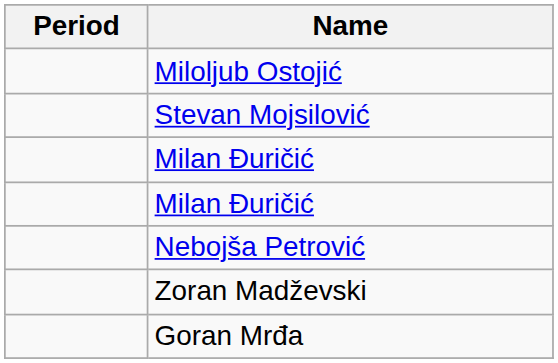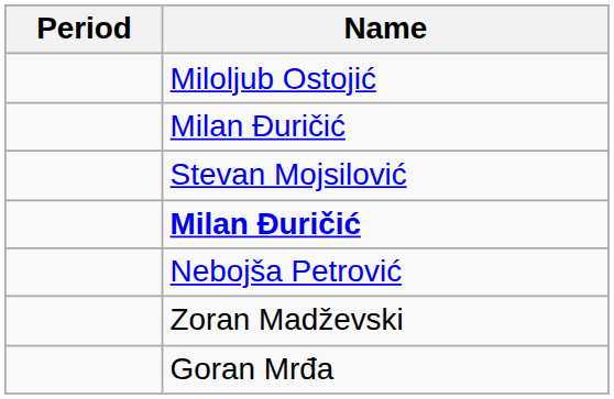 <table class="wikitable">
 <tr>
 <th width="75">Period</th>
 <th width="225">Name</th>
 </tr>
 <tr>
 <td></td>
 <td> <a href='#'>Miloljub Ostojić</a></td>
 </tr>
 <tr>
 <td></td>
+<td> <a href='#'>Milan Đuričić</a></td>
+</tr>
+<tr>
+<td></td>
 <td> <a href='#'>Stevan Mojsilović</a></td>
 </tr>
 <tr>
 <td></td>
-<td> <a href='#'>Milan Đuričić</a></td>
-</tr>
-<tr>
-<td></td>
-<td> <a href='#'>Milan Đuričić</a></td>
+<td><strong> <a href='#'>Milan Đuričić</a></strong></td>
 </tr>
 <tr>
 <td></td>
 <td> <a href='#'>Nebojša Petrović</a></td>
 </tr>
 <tr>
 <td></td>
 <td> Zoran Madževski</td>
 </tr>
 <tr>
 <td></td>
 <td> Goran Mrđa</td>
 </tr>
 </table>
